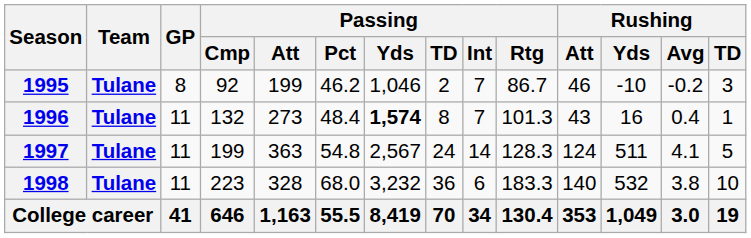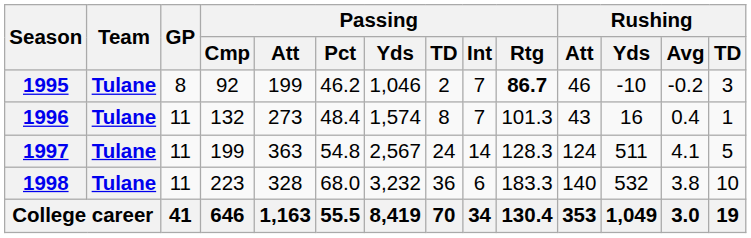 <table class="wikitable" style="text-align:center;">
 <tr>
 <th rowspan="2">Season</th>
 <th rowspan="2">Team</th>
 <th rowspan="2">GP</th>
 <th colspan="7">Passing</th>
 <th colspan="4">Rushing</th>
 </tr>
 <tr>
 <th>Cmp</th>
 <th>Att</th>
 <th>Pct</th>
 <th>Yds</th>
 <th>TD</th>
 <th>Int</th>
 <th>Rtg</th>
 <th>Att</th>
 <th>Yds</th>
 <th>Avg</th>
 <th>TD</th>
 </tr>
 <tr>
 <th><a href='#'>1995</a></th>
 <th><a href='#'>Tulane</a></th>
 <td>8</td>
 <td>92</td>
 <td>199</td>
 <td>46.2</td>
 <td>1,046</td>
 <td>2</td>
 <td>7</td>
-<td>86.7</td>
+<td><strong>86.7</strong></td>
 <td>46</td>
 <td>-10</td>
 <td>-0.2</td>
 <td>3</td>
 </tr>
 <tr>
 <th><a href='#'>1996</a></th>
 <th><a href='#'>Tulane</a></th>
 <td>11</td>
 <td>132</td>
 <td>273</td>
 <td>48.4</td>
-<td><strong>1,574</strong></td>
+<td>1,574</td>
 <td>8</td>
 <td>7</td>
 <td>101.3</td>
 <td>43</td>
 <td>16</td>
 <td>0.4</td>
 <td>1</td>
 </tr>
 <tr>
 <th><a href='#'>1997</a></th>
 <th><a href='#'>Tulane</a></th>
 <td>11</td>
 <td>199</td>
 <td>363</td>
 <td>54.8</td>
 <td>2,567</td>
 <td>24</td>
 <td>14</td>
 <td>128.3</td>
 <td>124</td>
 <td>511</td>
 <td>4.1</td>
 <td>5</td>
 </tr>
 <tr>
 <th><a href='#'>1998</a></th>
 <th><a href='#'>Tulane</a></th>
 <td>11</td>
 <td>223</td>
 <td>328</td>
 <td>68.0</td>
 <td>3,232</td>
 <td>36</td>
 <td>6</td>
 <td>183.3</td>
 <td>140</td>
 <td>532</td>
 <td>3.8</td>
 <td>10</td>
 </tr>
 <tr>
 <th colspan="2">College career</th>
 <th>41</th>
 <th>646</th>
 <th>1,163</th>
 <th>55.5</th>
 <th>8,419</th>
 <th>70</th>
 <th>34</th>
 <th>130.4</th>
 <th>353</th>
 <th>1,049</th>
 <th>3.0</th>
 <th>19</th>
 </tr>
 </table>
